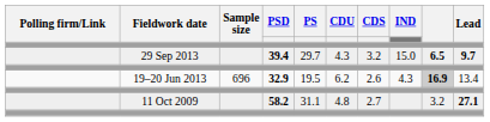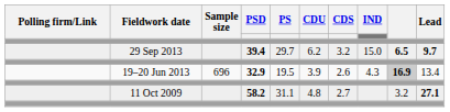 <table class="wikitable collapsible sortable" style="text-align:center; font-size:95%; line-height:16px;">
 <tr style="height:42px;">
 <th style="width:145px;" rowspan="2">Polling firm/Link</th>
 <th style="width:125px;" rowspan="2">Fieldwork date</th>
 <th class="unsortable" style="width:50px;" rowspan="2">Sample size</th>
 <th class="unsortable" style="width:35px;"><a href='#'>PSD</a></th>
 <th class="unsortable" style="width:35px;"><a href='#'>PS</a></th>
 <th class="unsortable" style="width:35px;"><a href='#'>CDU</a></th>
 <th class="unsortable" style="width:35px;"><a href='#'>CDS</a></th>
 <th class="unsortable" style="width:35px;"><a href='#'>IND</a></th>
 <th class="unsortable" style="width:35px;" rowspan="2"></th>
 <th class="unsortable" style="width:30px;" rowspan="2">Lead</th>
 </tr>
 <tr>
 <th class="unsortable" style="color:inherit;background:"></th>
 <th class="unsortable" style="color:inherit;background:"></th>
 <th class="unsortable" style="color:inherit;background:"></th>
 <th class="unsortable" style="color:inherit;background:"></th>
 <th class="unsortable" style="color:inherit;background:#777777;"></th>
 </tr>
 <tr>
 <td colspan="13" style="background:#A0A0A0"></td>
 </tr>
 <tr style="background:#EFEFEF;">
 <td><strong></strong></td>
 <td data-sort-value="2019-10-06">29 Sep 2013</td>
 <td></td>
 <td><strong>39.4</strong><br></td>
 <td>29.7<br></td>
-<td>4.3<br></td>
+<td>6.2<br></td>
 <td>3.2<br></td>
 <td>15.0<br></td>
 <td><strong>6.5</strong></td>
 <td style="background:"><strong>9.7</strong></td>
 </tr>
 <tr>
 <td colspan="13" style="background:#A0A0A0"></td>
 </tr>
 <tr>
 <td align="center"></td>
 <td align="center">19–20 Jun 2013</td>
 <td>696</td>
 <td align="center" ><strong>32.9</strong></td>
 <td align="center">19.5</td>
-<td align="center">6.2</td>
+<td align="center">3.9</td>
 <td align="center">2.6</td>
 <td align="center">4.3</td>
 <td align="center" style="background:#cccccc"><strong>16.9</strong></td>
 <td style="background:">13.4</td>
 </tr>
 <tr>
 <td colspan="13" style="background:#A0A0A0"></td>
 </tr>
 <tr style="background:#EFEFEF;">
 <td><strong></strong></td>
 <td data-sort-value="2019-10-06">11 Oct 2009</td>
 <td></td>
 <td><strong>58.2</strong><br></td>
 <td>31.1<br></td>
 <td>4.8<br></td>
 <td>2.7<br></td>
 <td></td>
 <td>3.2</td>
 <td style="background:"><strong>27.1</strong></td>
 </tr>
 <tr>
 <td colspan="13" style="background:#A0A0A0"></td>
 </tr>
 <tr>
 </tr>
 </table>
